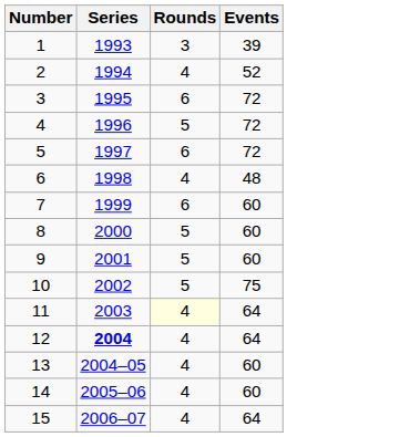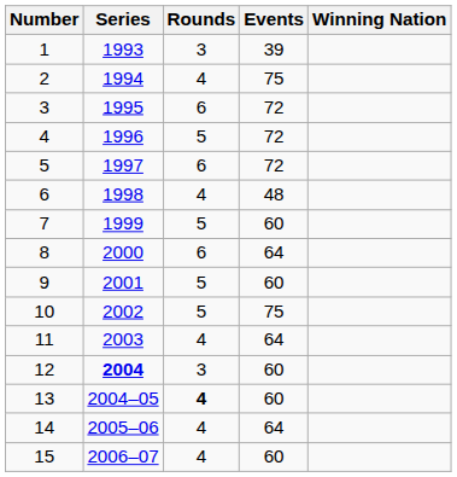 <table class="wikitable" style="display: inline-table;">
 <tr>
 <th>Number</th>
 <th>Series</th>
 <th>Rounds</th>
 <th>Events</th>
+<th>Winning Nation</th>
 </tr>
 <tr>
 <td align=center>1</td>
 <td align=center><a href='#'>1993</a></td>
 <td align=center>3</td>
 <td align=center>39</td>
+<td></td>
 </tr>
 <tr>
 <td align=center>2</td>
 <td align=center><a href='#'>1994</a></td>
 <td align=center>4</td>
-<td align=center>52</td>
+<td align=center>75</td>
+<td></td>
 </tr>
 <tr>
 <td align=center>3</td>
 <td align=center><a href='#'>1995</a></td>
 <td align=center>6</td>
 <td align=center>72</td>
+<td></td>
 </tr>
 <tr>
 <td align=center>4</td>
 <td align=center><a href='#'>1996</a></td>
 <td align=center>5</td>
 <td align=center>72</td>
+<td></td>
 </tr>
 <tr>
 <td align=center>5</td>
 <td align=center><a href='#'>1997</a></td>
 <td align=center>6</td>
 <td align=center>72</td>
+<td></td>
 </tr>
 <tr>
 <td align=center>6</td>
 <td align=center><a href='#'>1998</a></td>
 <td align=center>4</td>
 <td align=center>48</td>
+<td></td>
 </tr>
 <tr>
 <td align=center>7</td>
 <td align=center><a href='#'>1999</a></td>
-<td align=center>6</td>
+<td align=center>5</td>
 <td align=center>60</td>
+<td></td>
 </tr>
 <tr>
 <td align=center>8</td>
 <td align=center><a href='#'>2000</a></td>
-<td align=center>5</td>
-<td align=center>60</td>
+<td align=center>6</td>
+<td align=center>64</td>
+<td></td>
 </tr>
 <tr>
 <td align=center>9</td>
 <td align=center><a href='#'>2001</a></td>
 <td align=center>5</td>
 <td align=center>60</td>
+<td></td>
 </tr>
 <tr>
 <td align=center>10</td>
 <td align=center><a href='#'>2002</a></td>
 <td align=center>5</td>
 <td align=center>75</td>
+<td></td>
 </tr>
 <tr>
 <td align=center>11</td>
 <td align=center><a href='#'>2003</a></td>
-<td align=center style="background: lightyellow;">4</td>
+<td align=center>4</td>
 <td align=center>64</td>
+<td></td>
 </tr>
 <tr>
 <td align=center>12</td>
 <td align=center><strong><a href='#'>2004</a></strong></td>
-<td align=center>4</td>
-<td align=center>64</td>
+<td align=center>3</td>
+<td align=center>60</td>
+<td></td>
 </tr>
 <tr>
 <td align=center>13</td>
 <td align=center><a href='#'>2004–05</a></td>
-<td align=center>4</td>
+<td align=center><strong>4</strong></td>
 <td align=center>60</td>
+<td></td>
 </tr>
 <tr>
 <td align=center>14</td>
 <td align=center><a href='#'>2005–06</a></td>
 <td align=center>4</td>
-<td align=center>60</td>
+<td align=center>64</td>
+<td></td>
 </tr>
 <tr>
 <td align=center>15</td>
 <td align=center><a href='#'>2006–07</a></td>
 <td align=center>4</td>
-<td align=center>64</td>
+<td align=center>60</td>
+<td></td>
 </tr>
 </table>
